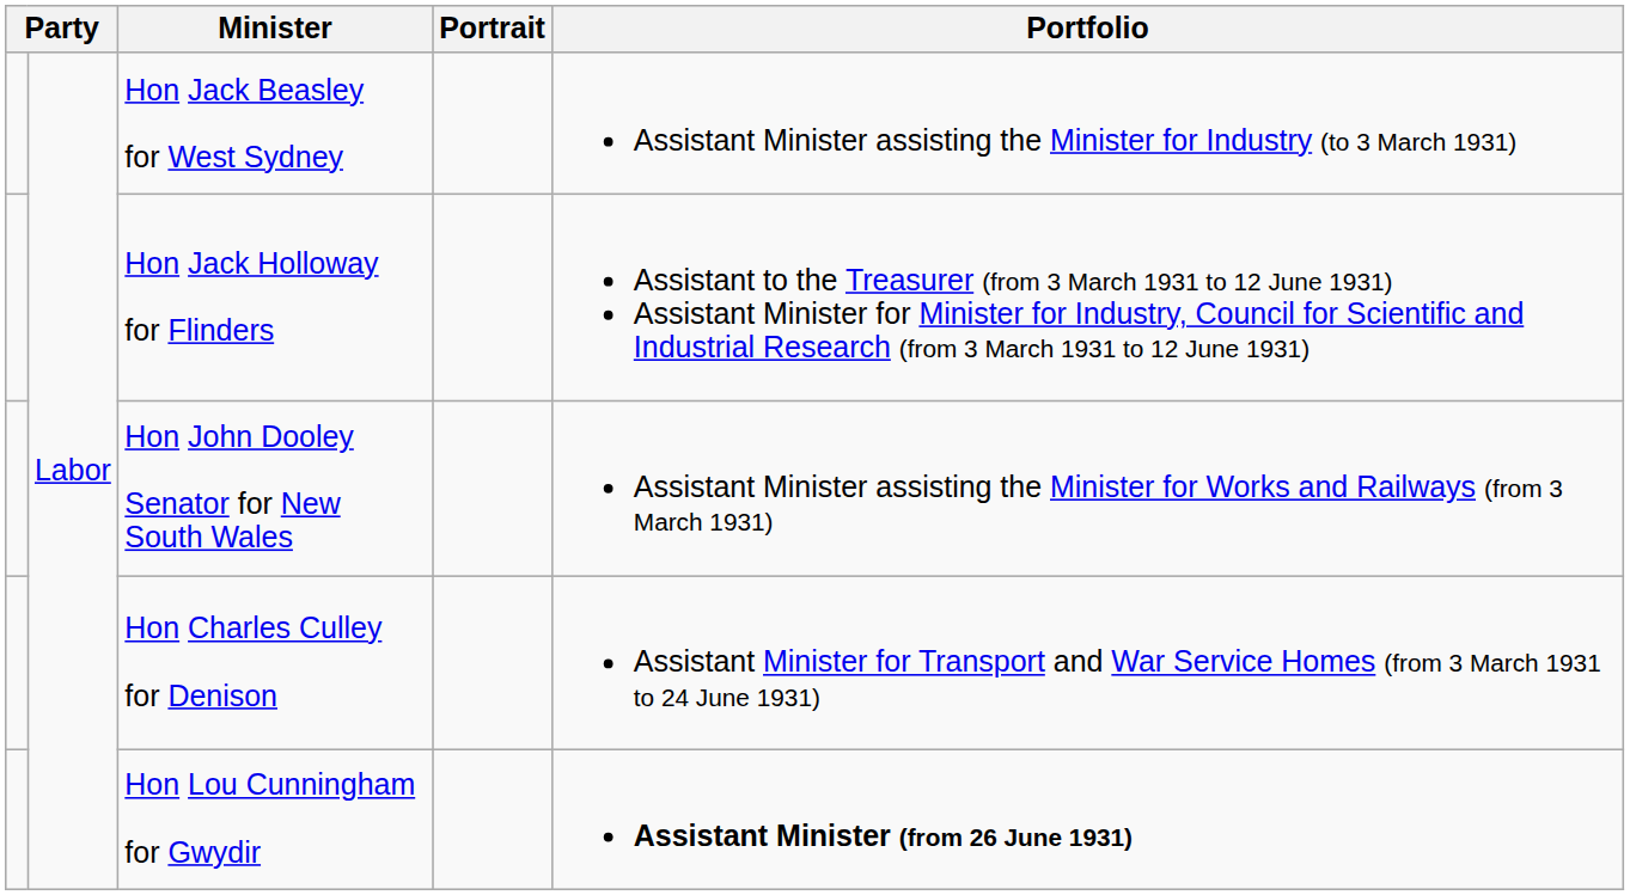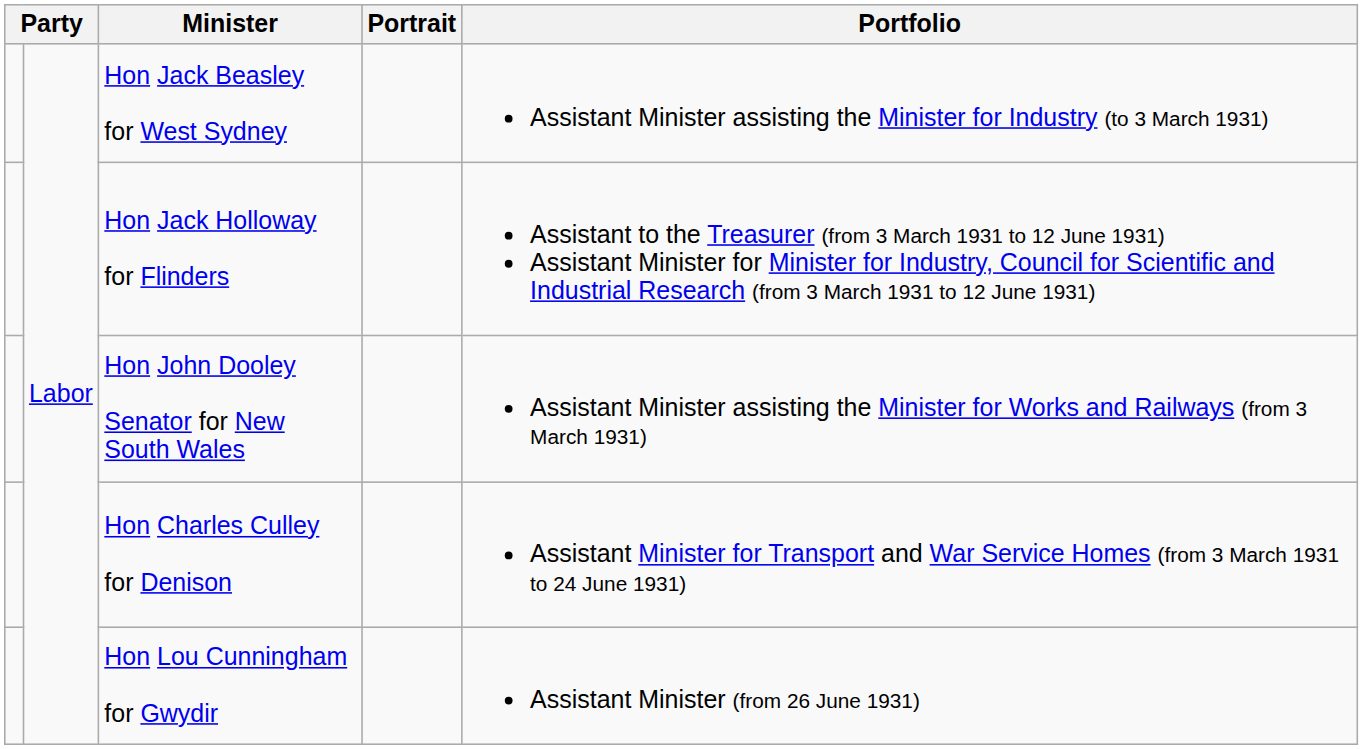 <table class="wikitable sortable">
 <tr>
 <th colspan="2">Party</th>
 <th>Minister</th>
 <th>Portrait</th>
 <th>Portfolio</th>
 </tr>
 <tr>
 <td> </td>
 <td rowspan=5><a href='#'>Labor</a></td>
 <td><a href='#'>Hon</a> <a href='#'>Jack Beasley</a> <br><br> for <a href='#'>West Sydney</a> <br></td>
 <td></td>
 <td><br><ul><li>Assistant Minister assisting the <a href='#'>Minister for Industry</a> <small>(to 3 March 1931)</small></li></ul></td>
 </tr>
 <tr>
 <td> </td>
 <td><a href='#'>Hon</a> <a href='#'>Jack Holloway</a> <br><br> for <a href='#'>Flinders</a> <br></td>
 <td></td>
 <td><br><ul><li>Assistant to the <a href='#'>Treasurer</a> <small>(from 3 March 1931 to 12 June 1931)</small></li><li>Assistant Minister for <a href='#'>Minister for Industry, Council for Scientific and Industrial Research</a> <small>(from 3 March 1931 to 12 June 1931)</small></li></ul></td>
 </tr>
 <tr>
 <td> </td>
 <td><a href='#'>Hon</a> <a href='#'>John Dooley</a> <br><br><a href='#'>Senator</a> for <a href='#'>New South Wales</a> <br></td>
 <td></td>
 <td><br><ul><li>Assistant Minister assisting the <a href='#'>Minister for Works and Railways</a> <small>(from 3 March 1931)</small></li></ul></td>
 </tr>
 <tr>
 <td> </td>
 <td><a href='#'>Hon</a> <a href='#'>Charles Culley</a> <br><br> for <a href='#'>Denison</a> <br></td>
 <td></td>
 <td><br><ul><li>Assistant <a href='#'>Minister for Transport</a> and <a href='#'>War Service Homes</a> <small>(from 3 March 1931 to 24 June 1931)</small></li></ul></td>
 </tr>
 <tr>
 <td> </td>
 <td><a href='#'>Hon</a> <a href='#'>Lou Cunningham</a> <br><br> for <a href='#'>Gwydir</a> <br></td>
 <td></td>
-<td><strong><br><ul><li>Assistant Minister <small>(from 26 June 1931)</small></li></ul></strong></td>
+<td><br><ul><li>Assistant Minister <small>(from 26 June 1931)</small></li></ul></td>
 </tr>
 </table>
